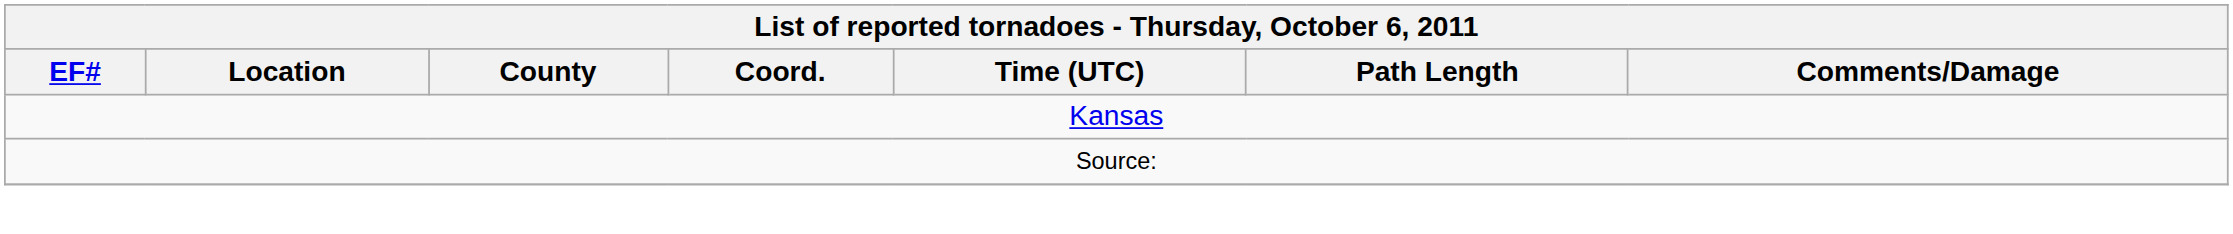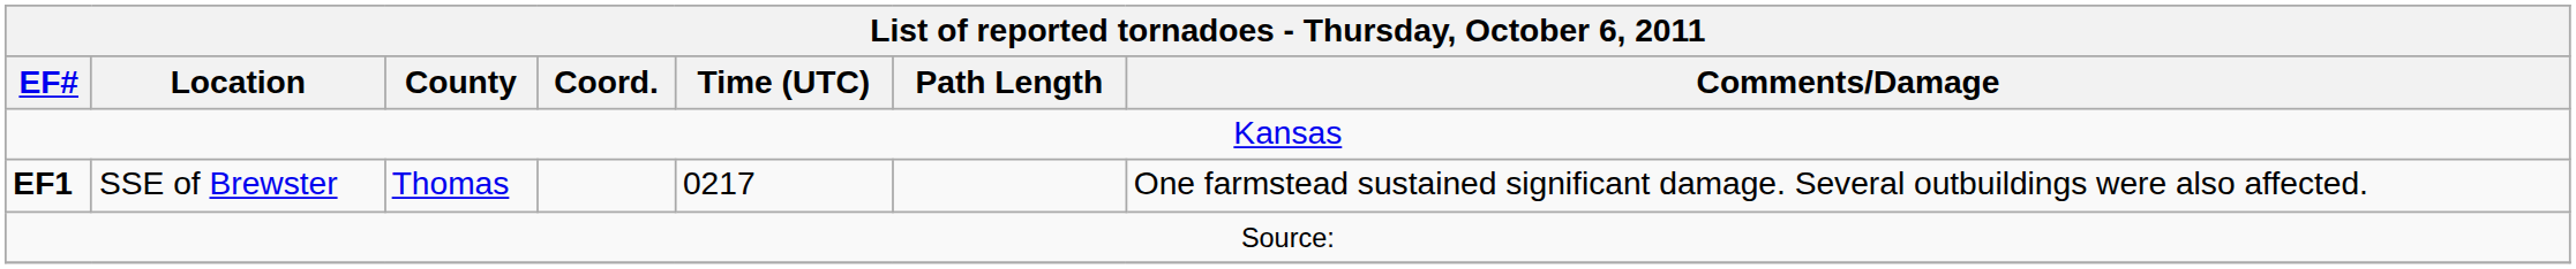 <table class="wikitable collapsible" width="100%">
 <tr>
 <th colspan="7">List of reported tornadoes - Thursday, October 6, 2011</th>
 </tr>
 <tr>
 <th><a href='#'>EF#</a></th>
 <th>Location</th>
 <th>County</th>
 <th>Coord.</th>
 <th>Time (UTC)</th>
 <th>Path Length</th>
 <th>Comments/Damage</th>
 </tr>
 <tr>
 <td colspan="7" align=center><a href='#'>Kansas</a></td>
 </tr>
 <tr>
+<td><strong>EF1</strong></td>
+<td>SSE of <a href='#'>Brewster</a></td>
+<td><a href='#'>Thomas</a></td>
+<td></td>
+<td>0217</td>
+<td></td>
+<td>One farmstead sustained significant damage. Several outbuildings were also affected.</td>
+</tr>
+<tr>
 <td colspan="7" align=center><small>Source: </small></td>
 </tr>
 <tr>
 </tr>
 </table>
